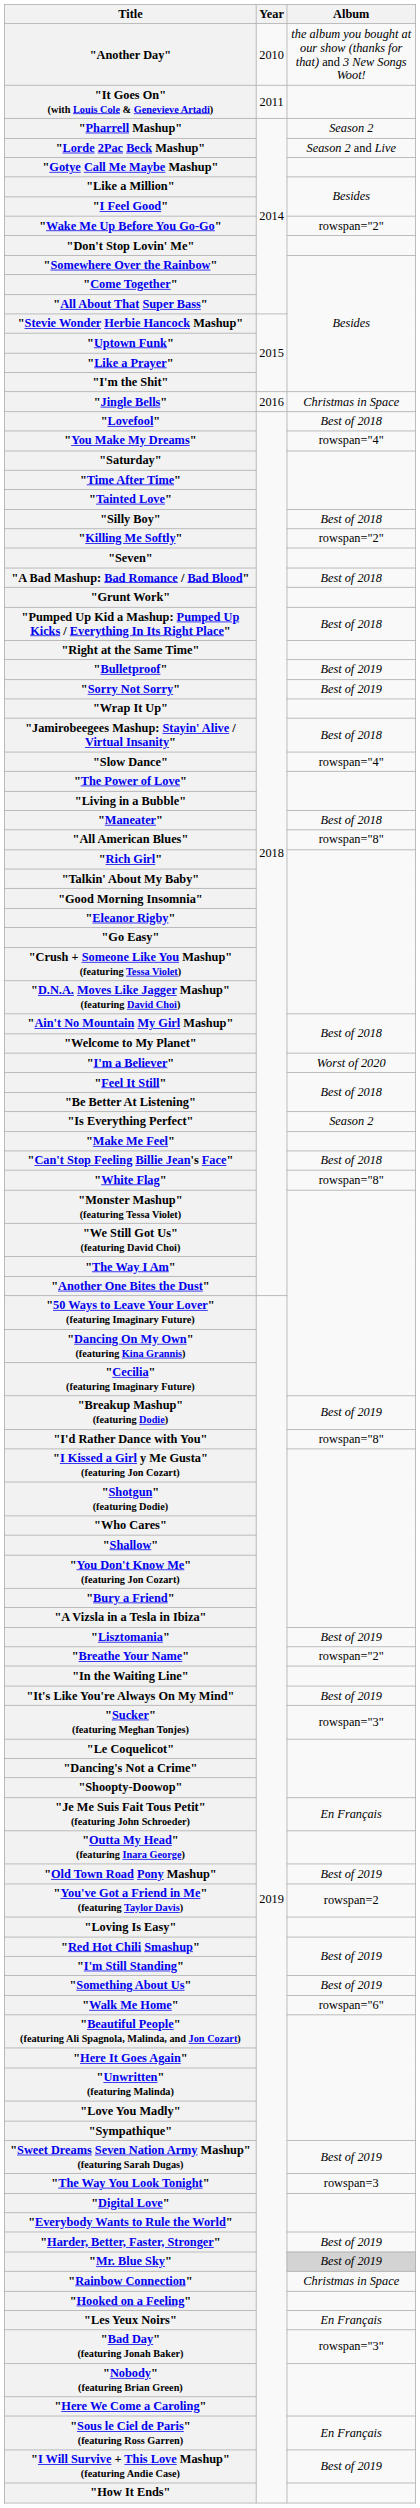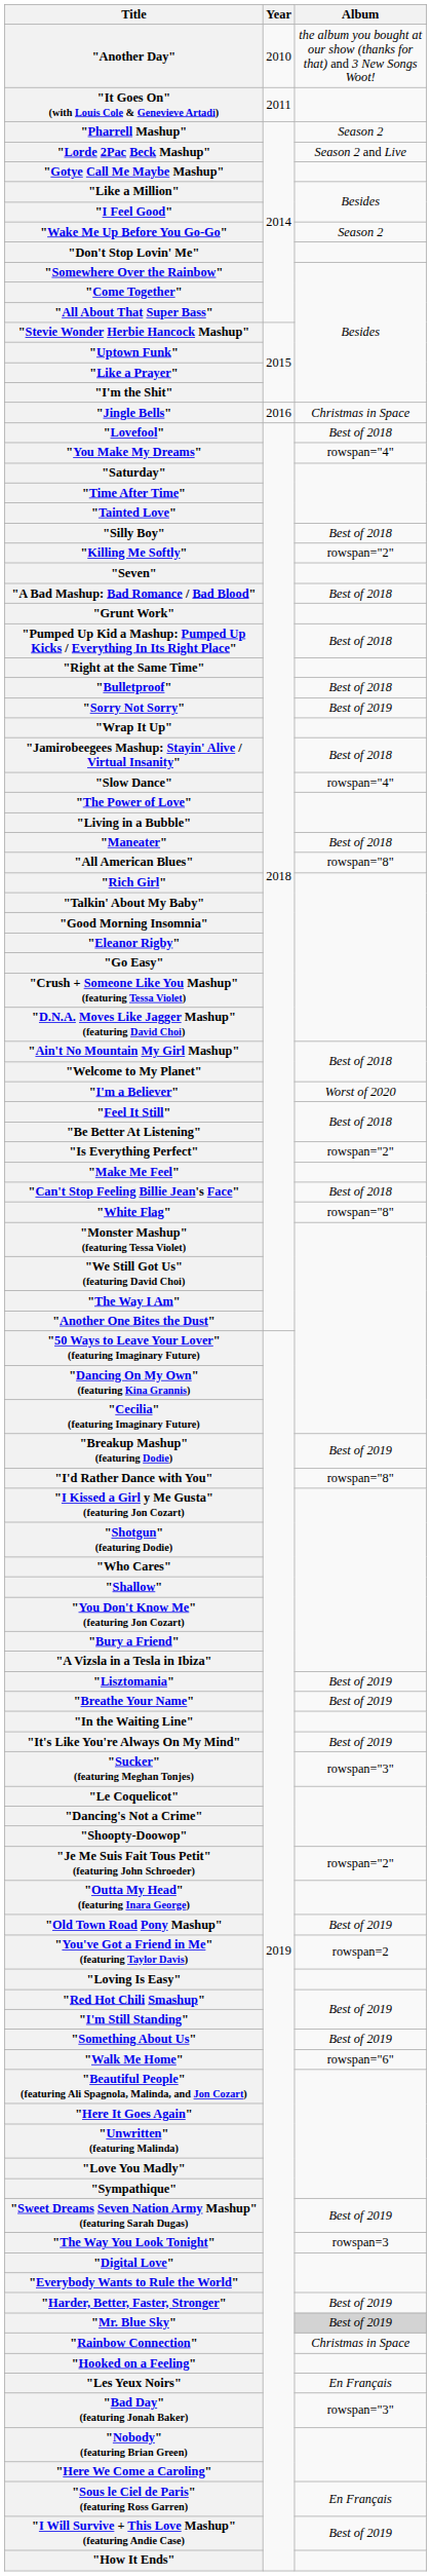 <table class="wikitable plainrowheaders" style="text-align:center;">
 <tr>
 <th rowspan="1" style="width:20em;">Title</th>
 <th rowspan="1" style="width:1em;">Year</th>
 <th rowspan="1" style="width:10em;">Album</th>
 </tr>
 <tr>
 <th scope="row">"Another Day"</th>
 <td>2010</td>
 <td><em>the album you bought at our show (thanks for that)</em> and <em>3 New Songs Woot!</em></td>
 </tr>
 <tr>
 <th scope="row">"It Goes On"<br><small>(with <a href='#'>Louis Cole</a> & <a href='#'>Genevieve Artadi</a>)</small></th>
 <td>2011</td>
 <td></td>
 </tr>
 <tr>
 <th scope="row">"<a href='#'>Pharrell</a> Mashup"</th>
 <td rowspan="10">2014</td>
 <td><em>Season 2</em></td>
 </tr>
 <tr>
 <th scope="row">"<a href='#'>Lorde</a> <a href='#'>2Pac</a> <a href='#'>Beck</a> Mashup"</th>
 <td><em>Season 2</em> and <em>Live</em></td>
 </tr>
 <tr>
 <th scope="row">"<a href='#'>Gotye</a> <a href='#'>Call Me Maybe</a> Mashup"</th>
 <td></td>
 </tr>
 <tr>
 <th scope="row">"Like a Million"</th>
 <td rowspan="2"><em>Besides</em></td>
 </tr>
 <tr>
 <th scope="row">"<a href='#'>I Feel Good</a>"</th>
 </tr>
 <tr>
 <th scope="row">"<a href='#'>Wake Me Up Before You Go-Go</a>"</th>
-<td>rowspan="2" </td>
+<td><em>Season 2</em></td>
 </tr>
 <tr>
 <th scope="row">"Don't Stop Lovin' Me"</th>
 <td></td>
 </tr>
 <tr>
 <th scope="row">"<a href='#'>Somewhere Over the Rainbow</a>"</th>
 <td rowspan="7"><em>Besides</em></td>
 </tr>
 <tr>
 <th scope="row">"<a href='#'>Come Together</a>"</th>
 </tr>
 <tr>
 <th scope="row">"<a href='#'>All About That</a> <a href='#'>Super Bass</a>"</th>
 </tr>
 <tr>
 <th scope="row">"<a href='#'>Stevie Wonder</a> <a href='#'>Herbie Hancock</a> Mashup"</th>
 <td rowspan="4">2015</td>
 </tr>
 <tr>
 <th scope="row">"<a href='#'>Uptown Funk</a>"</th>
 </tr>
 <tr>
 <th scope="row">"<a href='#'>Like a Prayer</a>"</th>
 </tr>
 <tr>
 <th scope="row">"I'm the Shit"</th>
 </tr>
 <tr>
 <th scope="row">"<a href='#'>Jingle Bells</a>"</th>
 <td>2016</td>
 <td><em>Christmas in Space</em></td>
 </tr>
 <tr>
 <th scope="row">"<a href='#'>Lovefool</a>"</th>
 <td rowspan="41">2018</td>
 <td><em>Best of 2018</em></td>
 </tr>
 <tr>
 <th scope="row">"<a href='#'>You Make My Dreams</a>"</th>
 <td>rowspan="4" </td>
 </tr>
 <tr>
 <th scope="row">"Saturday"</th>
 </tr>
 <tr>
 <th scope="row">"<a href='#'>Time After Time</a>"</th>
 </tr>
 <tr>
 <th scope="row">"<a href='#'>Tainted Love</a>"</th>
 </tr>
 <tr>
 <th scope="row">"Silly Boy"</th>
 <td><em>Best of 2018</em></td>
 </tr>
 <tr>
 <th scope="row">"<a href='#'>Killing Me Softly</a>"</th>
 <td>rowspan="2" </td>
 </tr>
 <tr>
 <th scope="row">"Seven"</th>
 </tr>
 <tr>
 <th scope="row">"A Bad Mashup: <a href='#'>Bad Romance</a> / <a href='#'>Bad Blood</a>"</th>
 <td><em>Best of 2018</em></td>
 </tr>
 <tr>
 <th scope="row">"Grunt Work"</th>
 <td></td>
 </tr>
 <tr>
 <th scope="row">"Pumped Up Kid a Mashup: <a href='#'>Pumped Up Kicks</a> / <a href='#'>Everything In Its Right Place</a>"</th>
 <td><em>Best of 2018</em></td>
 </tr>
 <tr>
 <th scope="row">"Right at the Same Time"</th>
 <td></td>
 </tr>
 <tr>
 <th scope="row">"<a href='#'>Bulletproof</a>"</th>
-<td><em>Best of 2019</em></td>
+<td><em>Best of 2018</em></td>
 </tr>
 <tr>
 <th scope="row">"<a href='#'>Sorry Not Sorry</a>"</th>
 <td><em>Best of 2019</em></td>
 </tr>
 <tr>
 <th scope="row">"Wrap It Up"</th>
 </tr>
 <tr>
 <th scope="row">"Jamirobeegees Mashup: <a href='#'>Stayin' Alive</a> / <a href='#'>Virtual Insanity</a>"</th>
 <td><em>Best of 2018</em></td>
 </tr>
 <tr>
 <th scope="row">"Slow Dance"</th>
 <td>rowspan="4" </td>
 </tr>
 <tr>
 <th scope="row">"<a href='#'>The Power of Love</a>"</th>
 </tr>
 <tr>
 <th scope="row">"Living in a Bubble"</th>
 </tr>
 <tr>
 <th scope="row">"<a href='#'>Maneater</a>"</th>
 <td><em>Best of 2018</em></td>
 </tr>
 <tr>
 <th scope="row">"All American Blues"</th>
 <td>rowspan="8" </td>
 </tr>
 <tr>
 <th scope="row">"<a href='#'>Rich Girl</a>"</th>
 </tr>
 <tr>
 <th scope="row">"Talkin' About My Baby"</th>
 </tr>
 <tr>
 <th scope="row">"Good Morning Insomnia"</th>
 </tr>
 <tr>
 <th scope="row">"<a href='#'>Eleanor Rigby</a>"</th>
 </tr>
 <tr>
 <th scope="row">"Go Easy"</th>
 </tr>
 <tr>
 <th scope="row">"Crush + <a href='#'>Someone Like You</a> Mashup"<br><small>(featuring <a href='#'>Tessa Violet</a>)</small></th>
 </tr>
 <tr>
 <th scope="row">"<a href='#'>D.N.A.</a> <a href='#'>Moves Like Jagger</a> Mashup"<br><small>(featuring <a href='#'>David Choi</a>)</small></th>
 </tr>
 <tr>
 <th scope="row">"<a href='#'>Ain't No Mountain</a> <a href='#'>My Girl</a> Mashup"</th>
 <td rowspan="2"><em>Best of 2018</em></td>
 </tr>
 <tr>
 <th scope="row">"Welcome to My Planet"</th>
 </tr>
 <tr>
 <th scope="row">"<a href='#'>I'm a Believer</a>"</th>
 <td><em>Worst of 2020</em></td>
 </tr>
 <tr>
 <th scope="row">"<a href='#'>Feel It Still</a>"</th>
 <td rowspan="2"><em>Best of 2018</em></td>
 </tr>
 <tr>
 <th scope="row">"Be Better At Listening"</th>
 </tr>
 <tr>
 <th scope="row">"Is Everything Perfect"</th>
-<td><em>Season 2</em></td>
+<td>rowspan="2" </td>
 </tr>
 <tr>
 <th scope="row">"<a href='#'>Make Me Feel</a>"</th>
 </tr>
 <tr>
 <th scope="row">"<a href='#'>Can't Stop Feeling</a> <a href='#'>Billie Jean</a>'s <a href='#'>Face</a>"</th>
 <td><em>Best of 2018</em></td>
 </tr>
 <tr>
 <th scope="row">"<a href='#'>White Flag</a>"</th>
 <td>rowspan="8" </td>
 </tr>
 <tr>
 <th scope="row">"Monster Mashup"<br><small>(featuring Tessa Violet)</small></th>
 </tr>
 <tr>
 <th scope="row">"We Still Got Us"<br><small>(featuring David Choi)</small></th>
 </tr>
 <tr>
 <th scope="row">"<a href='#'>The Way I Am</a>"</th>
 </tr>
 <tr>
 <th scope="row">"<a href='#'>Another One Bites the Dust</a>"</th>
 </tr>
 <tr>
 <th scope="row">"<a href='#'>50 Ways to Leave Your Lover</a>" <br><small>(featuring Imaginary Future)</small></th>
 <td rowspan="49">2019</td>
 </tr>
 <tr>
 <th scope="row">"<a href='#'>Dancing On My Own</a>"<br><small>(featuring <a href='#'>Kina Grannis</a>)</small></th>
 </tr>
 <tr>
 <th scope="row">"<a href='#'>Cecilia</a>"<br><small>(featuring Imaginary Future)</small></th>
 </tr>
 <tr>
 <th scope="row">"Breakup Mashup"<br><small>(featuring <a href='#'>Dodie</a>)</small></th>
 <td><em>Best of 2019</em></td>
 </tr>
 <tr>
 <th scope="row">"I'd Rather Dance with You"</th>
 <td>rowspan="8" </td>
 </tr>
 <tr>
 <th scope="row">"<a href='#'>I Kissed a Girl</a> y Me Gusta"<br><small>(featuring Jon Cozart)</small></th>
 </tr>
 <tr>
 <th scope="row">"<a href='#'>Shotgun</a>"<br><small>(featuring Dodie)</small></th>
 </tr>
 <tr>
 <th scope="row">"Who Cares"</th>
 </tr>
 <tr>
 <th scope="row">"<a href='#'>Shallow</a>"</th>
 </tr>
 <tr>
 <th scope="row">"<a href='#'>You Don't Know Me</a>"<br><small>(featuring Jon Cozart)</small></th>
 </tr>
 <tr>
 <th scope="row">"<a href='#'>Bury a Friend</a>"</th>
 </tr>
 <tr>
 <th scope="row">"A Vizsla in a Tesla in Ibiza"</th>
 </tr>
 <tr>
 <th scope="row">"<a href='#'>Lisztomania</a>"</th>
 <td><em>Best of 2019</em></td>
 </tr>
 <tr>
 <th scope="row">"<a href='#'>Breathe Your Name</a>"</th>
-<td>rowspan="2" </td>
+<td><em>Best of 2019</em></td>
 </tr>
 <tr>
 <th scope="row">"In the Waiting Line"</th>
 </tr>
 <tr>
 <th scope="row">"It's Like You're Always On My Mind"</th>
 <td><em>Best of 2019</em></td>
 </tr>
 <tr>
 <th scope="row">"<a href='#'>Sucker</a>"<br><small>(featuring Meghan Tonjes)</small></th>
 <td>rowspan="3" </td>
 </tr>
 <tr>
 <th scope="row">"Le Coquelicot"</th>
 </tr>
 <tr>
 <th scope="row">"Dancing's Not a Crime"</th>
 </tr>
 <tr>
 <th scope="row">"Shoopty-Doowop"</th>
 </tr>
 <tr>
 <th scope="row">"Je Me Suis Fait Tous Petit"<br><small>(featuring John Schroeder)</small></th>
-<td><em>En Français</em></td>
+<td>rowspan="2" </td>
 </tr>
 <tr>
 <th scope="row">"<a href='#'>Outta My Head</a>"<br> <small>(featuring <a href='#'>Inara George</a>)</small></th>
 <td></td>
 </tr>
 <tr>
 <th scope="row">"<a href='#'>Old Town Road</a> <a href='#'>Pony</a> Mashup"</th>
 <td><em>Best of 2019</em></td>
 </tr>
 <tr>
 <th scope="row">"<a href='#'>You've Got a Friend in Me</a>"<br><small>(featuring <a href='#'>Taylor Davis</a>)</small></th>
 <td>rowspan=2 </td>
 </tr>
 <tr>
 <th scope="row">"Loving Is Easy"</th>
 </tr>
 <tr>
 <th scope="row">"<a href='#'>Red Hot Chili</a> <a href='#'>Smashup</a>"</th>
 <td rowspan="2"><em>Best of 2019</em></td>
 </tr>
 <tr>
 <th scope="row">"<a href='#'>I'm Still Standing</a>"</th>
 </tr>
 <tr>
 <th scope="row">"<a href='#'>Something About Us</a>"</th>
 <td><em>Best of 2019</em></td>
 </tr>
 <tr>
 <th scope="row">"<a href='#'>Walk Me Home</a>"</th>
 <td>rowspan="6" </td>
 </tr>
 <tr>
 <th scope="row">"<a href='#'>Beautiful People</a>"<br><small>(featuring Ali Spagnola, Malinda, and <a href='#'>Jon Cozart</a>)</small></th>
 </tr>
 <tr>
 <th scope="row">"<a href='#'>Here It Goes Again</a>"</th>
 </tr>
 <tr>
 <th scope="row">"<a href='#'>Unwritten</a>" <br><small>(featuring Malinda)</small></th>
 </tr>
 <tr>
 <th scope="row">"Love You Madly"</th>
 </tr>
 <tr>
 <th scope="row">"Sympathique" <br></th>
 </tr>
 <tr>
 <th scope="row">"<a href='#'>Sweet Dreams</a> <a href='#'>Seven Nation Army</a> Mashup"<br><small>(featuring Sarah Dugas)</small></th>
 <td><em>Best of 2019</em></td>
 </tr>
 <tr>
 <th scope="row">"<a href='#'>The Way You Look Tonight</a>"</th>
 <td>rowspan=3 </td>
 </tr>
 <tr>
 <th scope="row">"<a href='#'>Digital Love</a>"</th>
 </tr>
 <tr>
 <th scope="row">"<a href='#'>Everybody Wants to Rule the World</a>"</th>
 </tr>
 <tr>
 <th scope="row">"<a href='#'>Harder, Better, Faster, Stronger</a>"</th>
 <td><em>Best of 2019</em></td>
 </tr>
 <tr>
 <th scope="row">"<a href='#'>Mr. Blue Sky</a>"</th>
 <td style="background: lightgrey;"><em>Best of 2019</em></td>
 </tr>
 <tr>
 <th scope="row">"<a href='#'>Rainbow Connection</a>"</th>
 <td><em>Christmas in Space</em></td>
 </tr>
 <tr>
 <th scope="row">"<a href='#'>Hooked on a Feeling</a>"</th>
 </tr>
 <tr>
 <th scope="row">"Les Yeux Noirs" <br></th>
 <td><em>En Français</em></td>
 </tr>
 <tr>
 <th scope="row">"<a href='#'>Bad Day</a>" <br><small>(featuring Jonah Baker)</small></th>
 <td>rowspan="3" </td>
 </tr>
 <tr>
 <th scope="row">"<a href='#'>Nobody</a>"<br><small>(featuring Brian Green)</small></th>
 </tr>
 <tr>
 <th scope="row">"<a href='#'>Here We Come a Caroling</a>"</th>
 </tr>
 <tr>
 <th scope="row">"<a href='#'>Sous le Ciel de Paris</a>" <br><small>(featuring Ross Garren)</small></th>
 <td><em>En Français</em></td>
 </tr>
 <tr>
 <th scope="row">"<a href='#'>I Will Survive</a> + <a href='#'>This Love</a> Mashup"<br><small>(featuring Andie Case)</small></th>
 <td><em>Best of 2019</em></td>
 </tr>
 <tr>
 <th scope="row">"How It Ends"</th>
 <td></td>
 </tr>
 </table>
